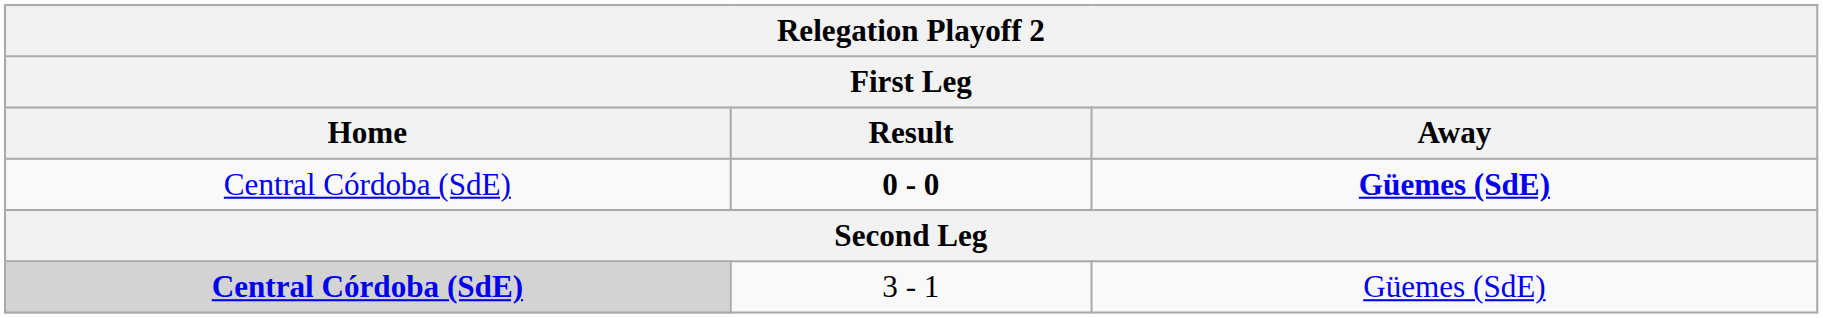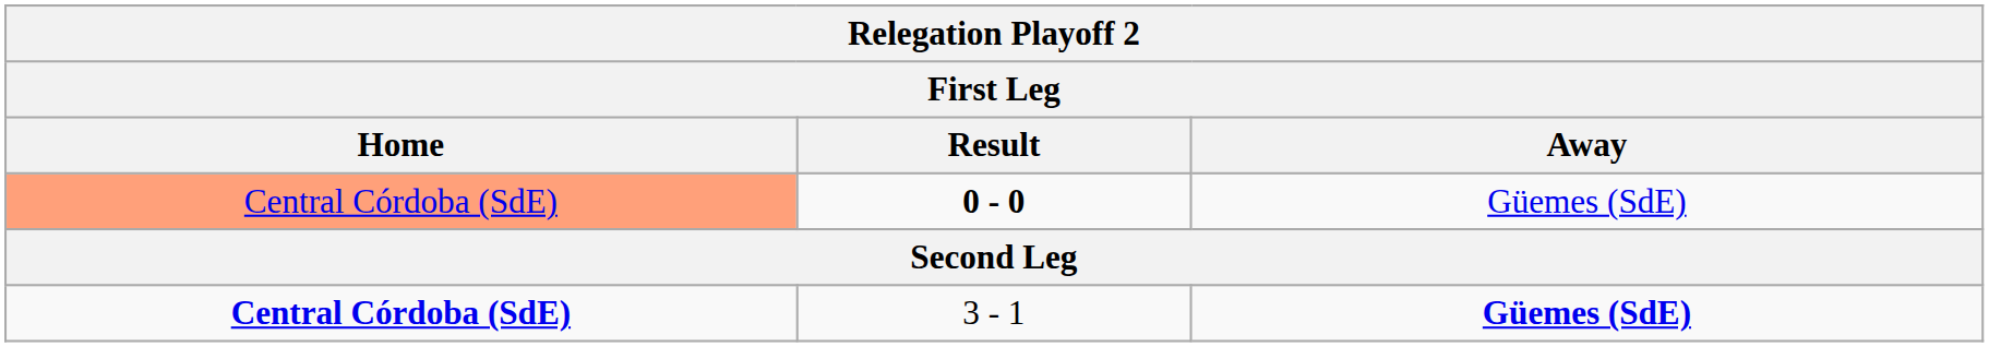 <table align=center class="wikitable collapsed" style="font-size:95%; text-align: center; width: 70%;">
 <tr>
 <th colspan=100% style="with: 100%;" align=center>Relegation Playoff 2</th>
 </tr>
 <tr>
 <th colspan=100% style="with: 75%;" align=center>First Leg</th>
 </tr>
 <tr>
 <th width=30%>Home</th>
 <th width=15%>Result</th>
 <th width=30%>Away</th>
 </tr>
 <tr align=center>
-<td><a href='#'>Central Córdoba (SdE)</a></td>
+<td style="background: lightsalmon;"><a href='#'>Central Córdoba (SdE)</a></td>
 <td><strong>0 - 0</strong></td>
-<td><strong><a href='#'>Güemes (SdE)</a></strong></td>
+<td><a href='#'>Güemes (SdE)</a></td>
 </tr>
 <tr>
 <th colspan=100% style="with: 75%;" align=center>Second Leg</th>
 </tr>
 <tr align=center>
-<td style="background: lightgrey;"><strong><a href='#'>Central Córdoba (SdE)</a></strong></td>
+<td><strong><a href='#'>Central Córdoba (SdE)</a></strong></td>
 <td>3 - 1</td>
-<td><a href='#'>Güemes (SdE)</a></td>
+<td><strong><a href='#'>Güemes (SdE)</a></strong></td>
 </tr>
 </table>
